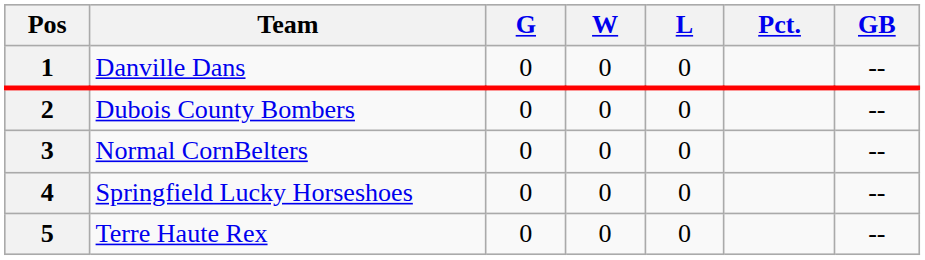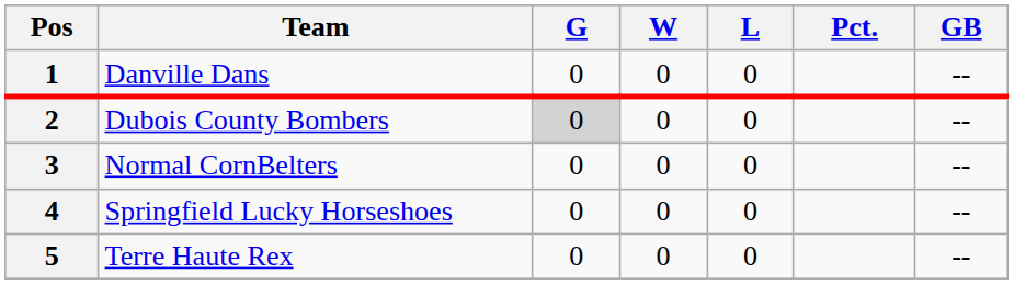 <table class="wikitable plainrowheaders" width="90%" style="text-align:center;">
 <tr>
 <th scope="col" width="5%">Pos</th>
 <th scope="col" width="25%">Team</th>
 <th scope="col" width="5%"><a href='#'>G</a></th>
 <th scope="col" width="5%"><a href='#'>W</a></th>
 <th scope="col" width="5%"><a href='#'>L</a></th>
 <th scope="col" width="7%"><a href='#'>Pct.</a></th>
 <th scope="col" width="5%"><a href='#'>GB</a></th>
 </tr>
 <tr>
 <th>1</th>
 <td style="text-align:left;"><a href='#'>Danville Dans</a></td>
 <td>0</td>
 <td>0</td>
 <td>0</td>
 <td></td>
 <td>--</td>
 </tr>
 <tr>
 </tr>
 <tr |- style="border-top:3px solid red;">
 <th>2</th>
 <td style="text-align:left;"><a href='#'>Dubois County Bombers</a></td>
-<td>0</td>
+<td style="background: lightgrey;">0</td>
 <td>0</td>
 <td>0</td>
 <td></td>
 <td>--</td>
 </tr>
 <tr>
 <th>3</th>
 <td style="text-align:left;"><a href='#'>Normal CornBelters</a></td>
 <td>0</td>
 <td>0</td>
 <td>0</td>
 <td></td>
 <td>--</td>
 </tr>
 <tr>
 <th>4</th>
 <td style="text-align:left;"><a href='#'>Springfield Lucky Horseshoes</a></td>
 <td>0</td>
 <td>0</td>
 <td>0</td>
 <td></td>
 <td>--</td>
 </tr>
 <tr>
 <th>5</th>
 <td style="text-align:left;"><a href='#'>Terre Haute Rex</a></td>
 <td>0</td>
 <td>0</td>
 <td>0</td>
 <td></td>
 <td>--</td>
 </tr>
 </table>
